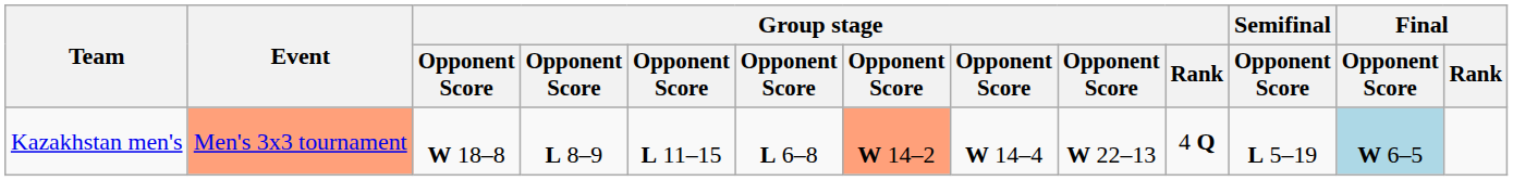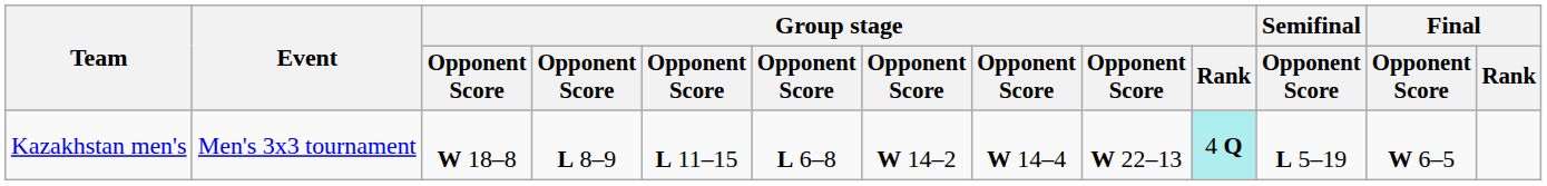 <table class="wikitable" style="font-size:90%">
 <tr>
 <th rowspan="2">Team</th>
 <th rowspan="2">Event</th>
 <th colspan="8">Group stage</th>
 <th>Semifinal</th>
 <th colspan="2">Final</th>
 </tr>
 <tr style="font-size:95%">
 <th>Opponent<br>Score</th>
 <th>Opponent<br>Score</th>
 <th>Opponent<br>Score</th>
 <th>Opponent<br>Score</th>
 <th>Opponent<br>Score</th>
 <th>Opponent<br>Score</th>
 <th>Opponent<br>Score</th>
 <th>Rank</th>
 <th>Opponent<br>Score</th>
 <th>Opponent<br>Score</th>
 <th>Rank</th>
 </tr>
 <tr align="center">
 <td align="left"><a href='#'>Kazakhstan men's</a></td>
-<td align="left" style="background: lightsalmon;"><a href='#'>Men's 3x3 tournament</a></td>
+<td align="left"><a href='#'>Men's 3x3 tournament</a></td>
 <td><br><strong>W</strong> 18–8</td>
 <td><br><strong>L</strong> 8–9</td>
 <td><br><strong>L</strong> 11–15</td>
 <td><br><strong>L</strong> 6–8</td>
-<td style="background: lightsalmon;"><br><strong>W</strong> 14–2</td>
+<td><br><strong>W</strong> 14–2</td>
 <td><br><strong>W</strong> 14–4</td>
 <td><br><strong>W</strong> 22–13</td>
-<td>4 <strong>Q</strong></td>
+<td style="background: paleturquoise;">4 <strong>Q</strong></td>
 <td><br><strong>L</strong> 5–19</td>
-<td style="background: lightblue;"><br><strong>W</strong> 6–5</td>
+<td><br><strong>W</strong> 6–5</td>
 <td></td>
 </tr>
 </table>
